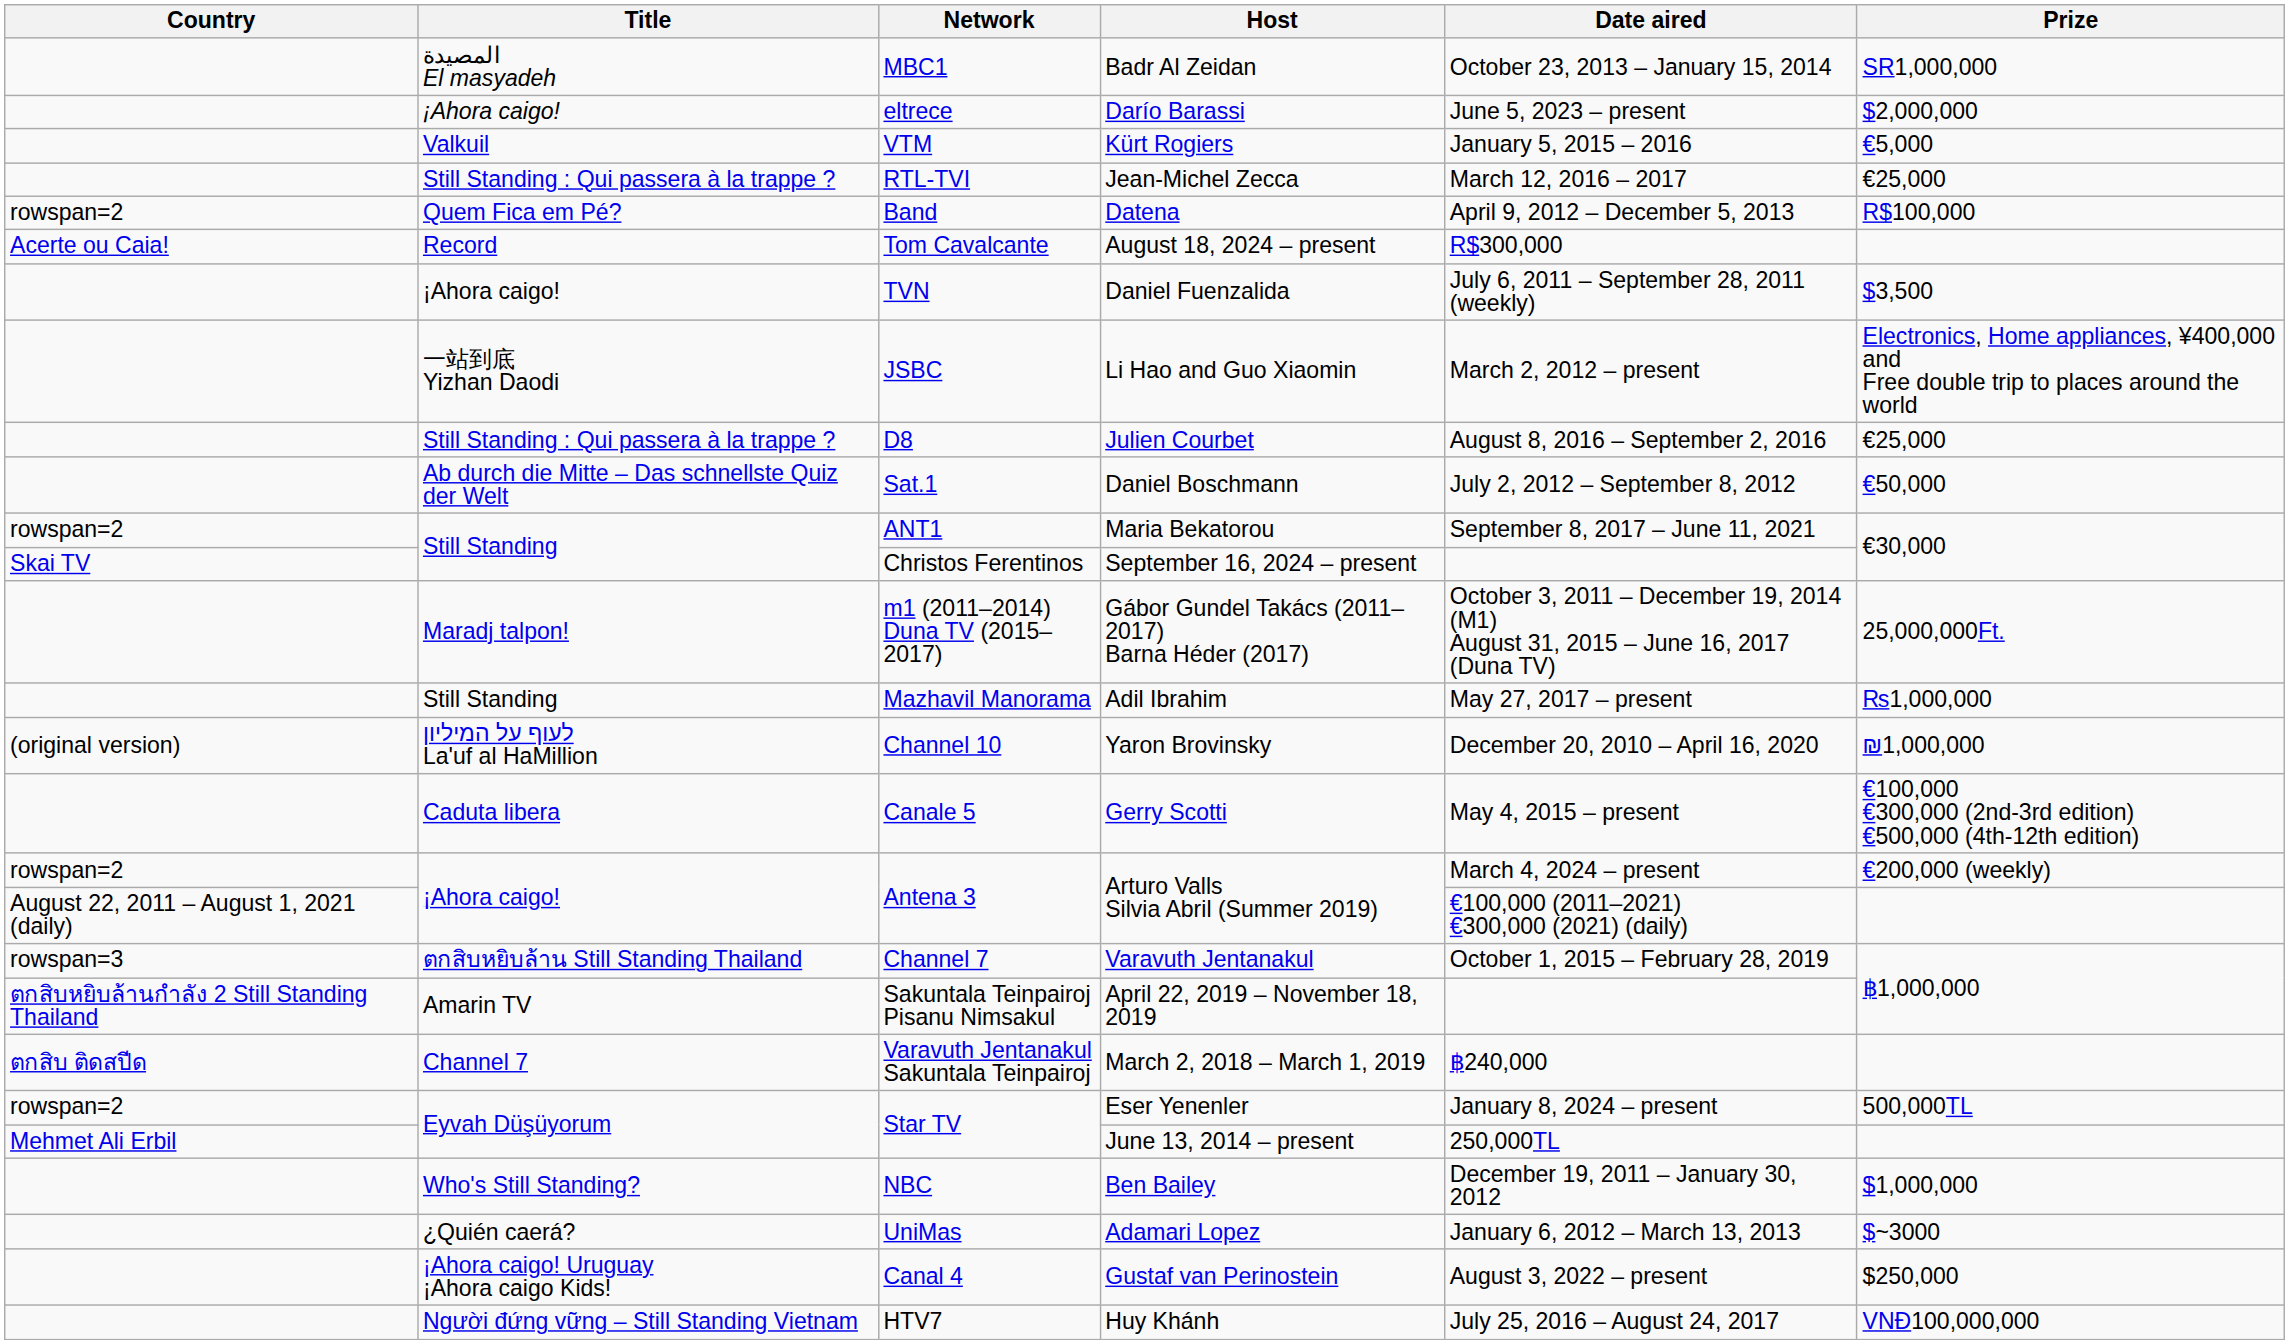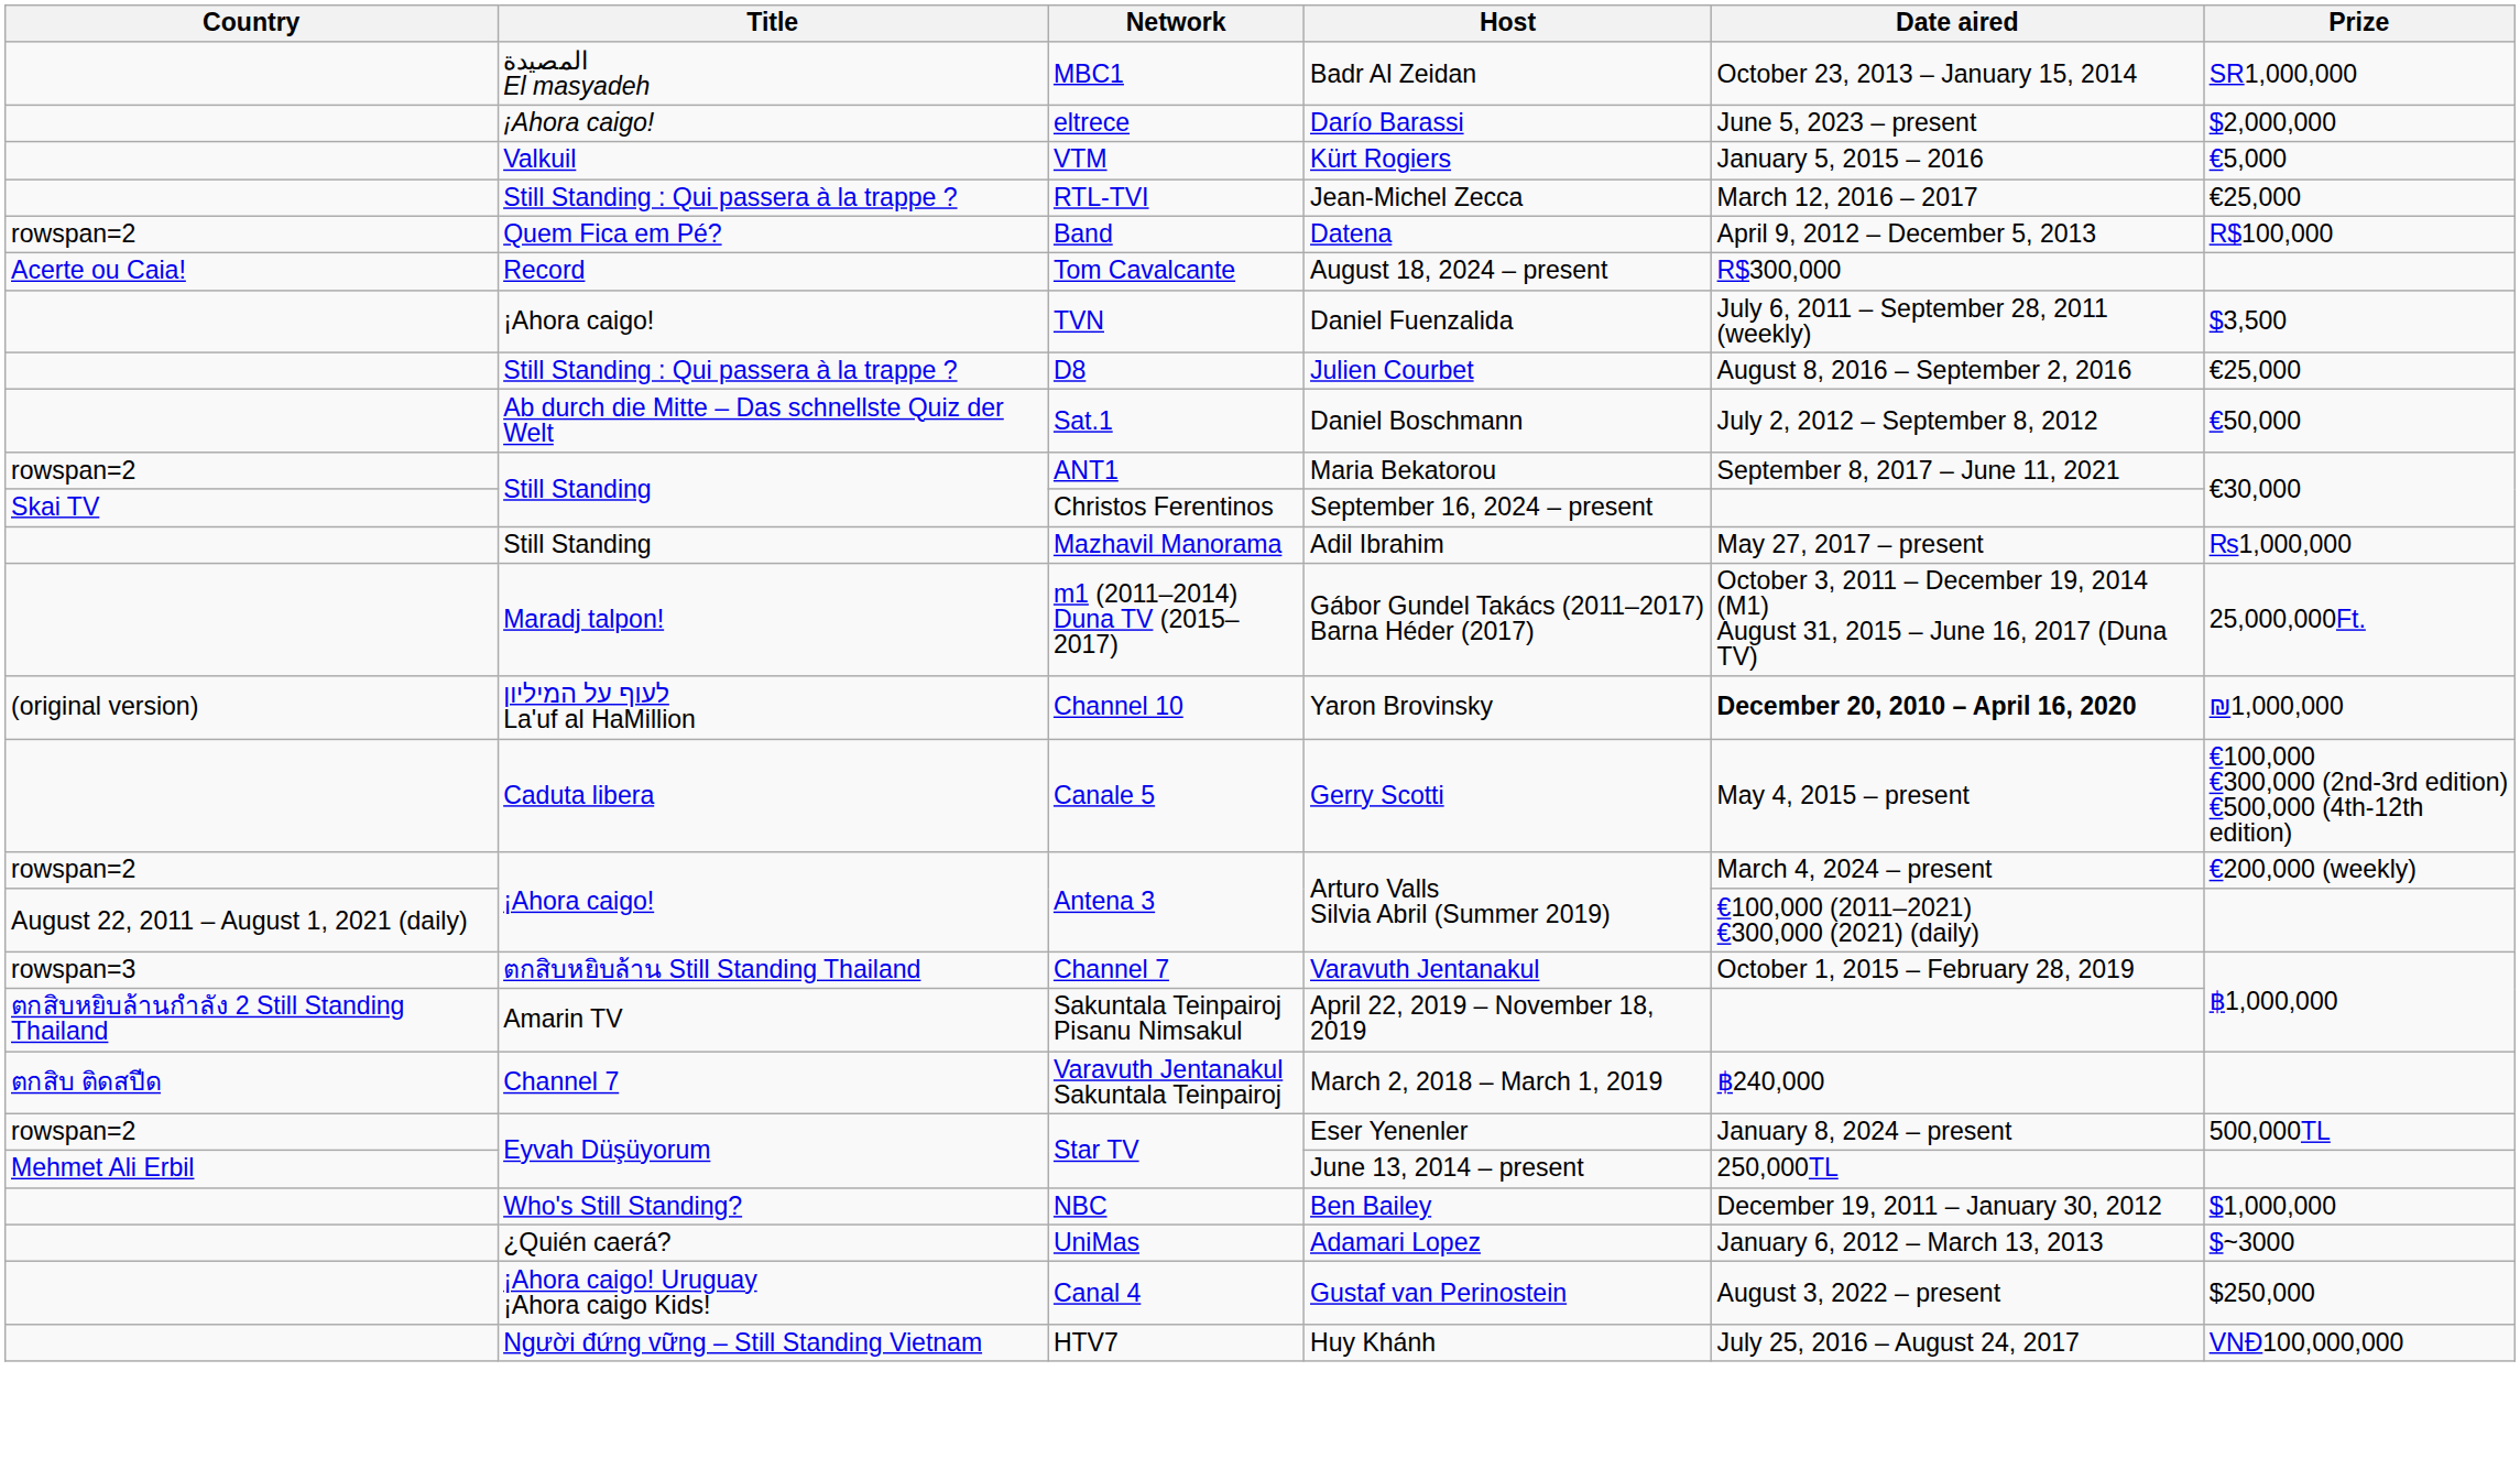 <table class="wikitable" style="text-align:left; font-size:100%; line-height:16px; width:100%;">
 <tr>
 <th>Country</th>
 <th>Title</th>
 <th>Network</th>
 <th>Host</th>
 <th>Date aired</th>
 <th>Prize</th>
 </tr>
 <tr>
 <td></td>
 <td>المصيدة<br><em>El masyadeh</em></td>
 <td><a href='#'>MBC1</a></td>
 <td>Badr Al Zeidan</td>
 <td>October 23, 2013 – January 15, 2014</td>
 <td><a href='#'>SR</a>1,000,000</td>
 </tr>
 <tr>
 <td></td>
 <td><em>¡Ahora caigo!</td>
 <td><a href='#'>eltrece</a></td>
 <td><a href='#'>Darío Barassi</a></td>
 <td>June 5, 2023 – present</td>
 <td><a href='#'>$</a>2,000,000</td>
 </tr>
 <tr>
 <td></td>
 <td></em><a href='#'>Valkuil</a><em></td>
 <td><a href='#'>VTM</a></td>
 <td><a href='#'>Kürt Rogiers</a></td>
 <td>January 5, 2015 – 2016</td>
 <td><a href='#'>€</a>5,000</td>
 </tr>
 <tr>
 <td></td>
 <td></em><a href='#'>Still Standing : Qui passera à la trappe ?</a><em></td>
 <td><a href='#'>RTL-TVI</a></td>
 <td>Jean-Michel Zecca</td>
 <td>March 12, 2016 – 2017</td>
 <td>€25,000</td>
 </tr>
 <tr>
 <td>rowspan=2 </td>
 <td></em><a href='#'>Quem Fica em Pé?</a><em></td>
 <td><a href='#'>Band</a></td>
 <td><a href='#'>Datena</a></td>
 <td>April 9, 2012 – December 5, 2013</td>
 <td><a href='#'>R$</a>100,000</td>
 </tr>
 <tr>
 <td></em><a href='#'>Acerte ou Caia!</a><em></td>
 <td><a href='#'>Record</a></td>
 <td><a href='#'>Tom Cavalcante</a></td>
 <td>August 18, 2024 – present</td>
 <td><a href='#'>R$</a>300,000</td>
 </tr>
 <tr>
 <td></td>
 <td></em>¡Ahora caigo!<em> </em><br><em></td>
 <td><a href='#'>TVN</a></td>
 <td>Daniel Fuenzalida</td>
 <td>July 6, 2011 – September 28, 2011 (weekly)</td>
 <td><a href='#'>$</a>3,500</td>
 </tr>
 <tr>
 <td></td>
-<td>一站到底<br></em>Yizhan Daodi<em></td>
-<td><a href='#'>JSBC</a></td>
-<td>Li Hao and Guo Xiaomin</td>
-<td>March 2, 2012 – present</td>
-<td><a href='#'>Electronics</a>, <a href='#'>Home appliances</a>, ¥400,000 and <br>Free double trip to places around the world</td>
-</tr>
-<tr>
-<td></td>
 <td></em><a href='#'>Still Standing : Qui passera à la trappe ?</a><em></td>
 <td><a href='#'>D8</a></td>
 <td><a href='#'>Julien Courbet</a></td>
 <td>August 8, 2016 – September 2, 2016</td>
 <td>€25,000</td>
 </tr>
 <tr>
 <td></td>
 <td></em><a href='#'>Ab durch die Mitte – Das schnellste Quiz der Welt</a><em></td>
 <td><a href='#'>Sat.1</a></td>
 <td>Daniel Boschmann</td>
 <td>July 2, 2012 – September 8, 2012</td>
 <td><a href='#'>€</a>50,000</td>
 </tr>
 <tr>
 <td>rowspan=2 </td>
 <td rowspan=2></em><a href='#'>Still Standing</a><em></td>
 <td><a href='#'>ANT1</a></td>
 <td>Maria Bekatorou</td>
 <td>September 8, 2017 – June 11, 2021</td>
 <td rowspan=2>€30,000</td>
 </tr>
 <tr>
 <td><a href='#'>Skai TV</a></td>
 <td>Christos Ferentinos</td>
 <td>September 16, 2024 – present</td>
 </tr>
 <tr>
 <td></td>
+<td></em>Still Standing<em></td>
+<td><a href='#'>Mazhavil Manorama</a></td>
+<td>Adil Ibrahim</td>
+<td>May 27, 2017 – present</td>
+<td><a href='#'>₨</a>1,000,000</td>
+</tr>
+<tr>
+<td></td>
 <td></em><a href='#'>Maradj talpon!</a><em></td>
 <td><a href='#'>m1</a> (2011–2014)<br><a href='#'>Duna TV</a> (2015–2017)</td>
 <td>Gábor Gundel Takács (2011–2017)<br>Barna Héder (2017)</td>
 <td>October 3, 2011 – December 19, 2014 (M1)<br>August 31, 2015 – June 16, 2017 (Duna TV)</td>
 <td>25,000,000<a href='#'>Ft.</a></td>
 </tr>
 <tr>
-<td></td>
-<td></em>Still Standing<em></td>
-<td><a href='#'>Mazhavil Manorama</a></td>
-<td>Adil Ibrahim</td>
-<td>May 27, 2017 – present</td>
-<td><a href='#'>₨</a>1,000,000</td>
-</tr>
-<tr>
 <td> (original version)</td>
 <td><a href='#'>לעוף על המיליון</a><br></em>La'uf al HaMillion<em></td>
 <td><a href='#'>Channel 10</a></td>
 <td>Yaron Brovinsky</td>
-<td>December 20, 2010 – April 16, 2020</td>
+<td><strong>December 20, 2010 – April 16, 2020</strong></td>
 <td><a href='#'>₪</a>1,000,000</td>
 </tr>
 <tr>
 <td></td>
 <td></em><a href='#'>Caduta libera</a><em></td>
 <td><a href='#'>Canale 5</a></td>
 <td><a href='#'>Gerry Scotti</a></td>
 <td>May 4, 2015 – present</td>
 <td><a href='#'>€</a>100,000<br><a href='#'>€</a>300,000 (2nd-3rd edition)<br><a href='#'>€</a>500,000 (4th-12th edition)</td>
 </tr>
 <tr>
 <td>rowspan=2 </td>
 <td rowspan=2></em><a href='#'>¡Ahora caigo!</a><em></td>
 <td rowspan=2><a href='#'>Antena 3</a></td>
 <td rowspan=2>Arturo Valls<br>Silvia Abril (Summer 2019)</td>
 <td>March 4, 2024 – present</td>
 <td><a href='#'>€</a>200,000 (weekly)</td>
 </tr>
 <tr>
 <td>August 22, 2011 – August 1, 2021 (daily)</td>
 <td><a href='#'>€</a>100,000 (2011–2021)<br><a href='#'>€</a>300,000 (2021) (daily)</td>
 </tr>
 <tr>
 <td>rowspan=3 </td>
 <td></em><a href='#'>ตกสิบหยิบล้าน Still Standing Thailand</a><em><br></td>
 <td><a href='#'>Channel 7</a></td>
 <td><a href='#'>Varavuth Jentanakul</a></td>
 <td>October 1, 2015 – February 28, 2019</td>
 <td rowspan="2"><a href='#'>฿</a>1,000,000</td>
 </tr>
 <tr>
 <td></em><a href='#'>ตกสิบหยิบล้านกำลัง 2 Still Standing Thailand</a><em><br></td>
 <td>Amarin TV</td>
 <td>Sakuntala Teinpairoj<br>Pisanu Nimsakul</td>
 <td>April 22, 2019 – November 18, 2019</td>
 </tr>
 <tr>
 <td><a href='#'></em>ตกสิบ ติดสปีด<em></a><br></td>
 <td><a href='#'>Channel 7</a></td>
 <td><a href='#'>Varavuth Jentanakul</a><br>Sakuntala Teinpairoj</td>
 <td>March 2, 2018 – March 1, 2019</td>
 <td><a href='#'>฿</a>240,000</td>
 </tr>
 <tr>
 <td>rowspan=2 </td>
 <td rowspan=2></em><a href='#'>Eyvah Düşüyorum</a><em></td>
 <td rowspan=2><a href='#'>Star TV</a></td>
 <td>Eser Yenenler</td>
 <td>January 8, 2024 – present</td>
 <td>500,000<a href='#'>TL</a></td>
 </tr>
 <tr>
 <td><a href='#'>Mehmet Ali Erbil</a></td>
 <td>June 13, 2014 – present</td>
 <td>250,000<a href='#'>TL</a></td>
 </tr>
 <tr>
 <td></td>
 <td></em><a href='#'>Who's Still Standing?</a><em></td>
 <td><a href='#'>NBC</a></td>
 <td><a href='#'>Ben Bailey</a></td>
 <td>December 19, 2011 – January 30, 2012</td>
 <td><a href='#'>$</a>1,000,000</td>
 </tr>
 <tr>
 <td></td>
 <td></em>¿Quién caerá?<em></td>
 <td><a href='#'>UniMas</a></td>
 <td><a href='#'>Adamari Lopez</a></td>
 <td>January 6, 2012 – March 13, 2013</td>
 <td><a href='#'>$</a>~3000</td>
 </tr>
 <tr>
 <td></td>
 <td></em><a href='#'>¡Ahora caigo! Uruguay</a><em><br></em>¡Ahora caigo Kids!<em></td>
 <td><a href='#'>Canal 4</a></td>
 <td><a href='#'>Gustaf van Perinostein</a></td>
 <td>August 3, 2022 – present</td>
 <td>$250,000</td>
 </tr>
 <tr>
 <td></td>
 <td></em><a href='#'>Người đứng vững – Still Standing Vietnam</a><em></td>
 <td>HTV7</td>
 <td>Huy Khánh</td>
 <td>July 25, 2016 – August 24, 2017</td>
 <td><a href='#'>VNĐ</a>100,000,000</td>
 </tr>
 </table>
